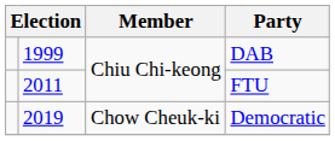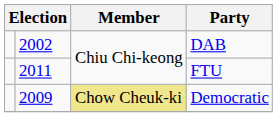 <table class="wikitable">
 <tr>
 <th colspan="2">Election</th>
 <th>Member</th>
 <th>Party</th>
 </tr>
 <tr>
 <td style="background-color: "></td>
-<td><a href='#'>1999</a></td>
+<td><a href='#'>2002</a></td>
 <td rowspan=2>Chiu Chi-keong</td>
 <td><a href='#'>DAB</a></td>
 </tr>
 <tr>
 <td style="background-color: "></td>
 <td><a href='#'>2011</a></td>
 <td><a href='#'>FTU</a></td>
 </tr>
 <tr>
 <td style="background-color: "></td>
-<td><a href='#'>2019</a></td>
-<td>Chow Cheuk-ki</td>
+<td><a href='#'>2009</a></td>
+<td style="background: khaki;">Chow Cheuk-ki</td>
 <td><a href='#'>Democratic</a></td>
 </tr>
 <tr>
 </tr>
 </table>
